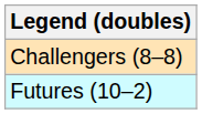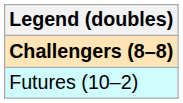 <table class="wikitable">
 <tr>
 <th>Legend (doubles)</th>
 </tr>
 <tr bgcolor="moccasin">
-<td>Challengers (8–8)</td>
+<td><strong>Challengers (8–8)</strong></td>
 </tr>
 <tr bgcolor="CFFCFF">
 <td>Futures (10–2)</td>
 </tr>
 </table>
